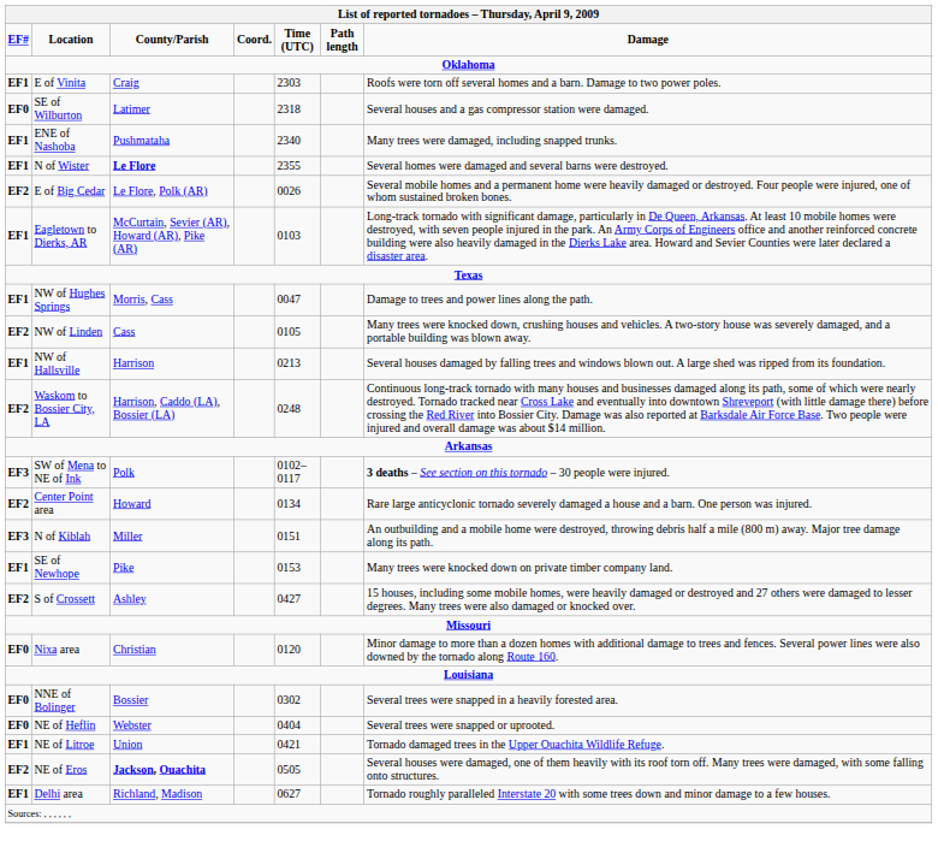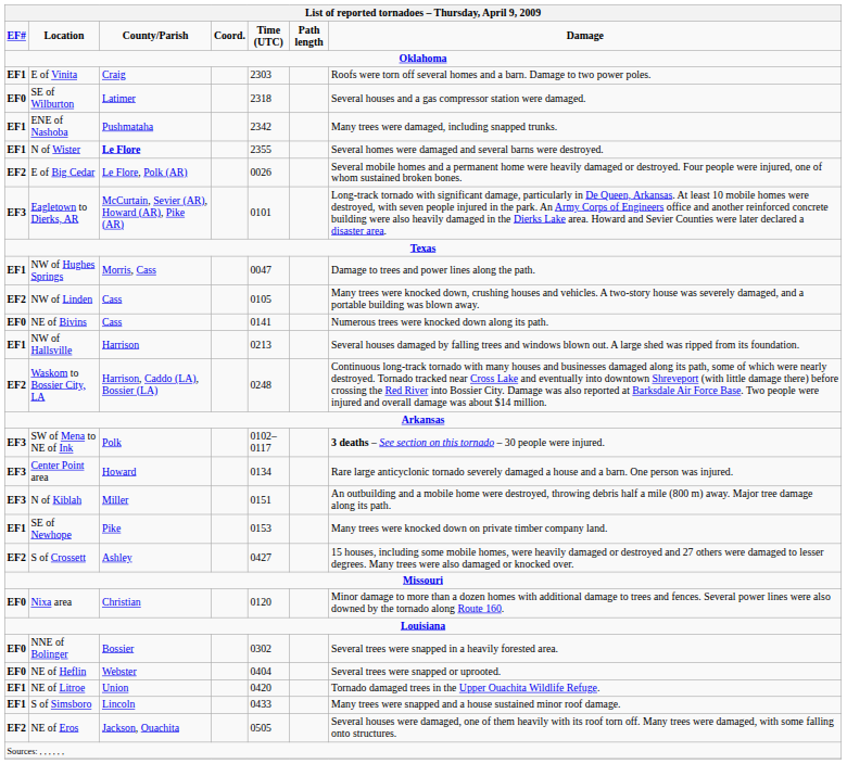 <table class="wikitable collapsible" width="100%">
 <tr>
 <th colspan="7">List of reported tornadoes – Thursday, April 9, 2009</th>
 </tr>
 <tr style="text-align:center;">
 <td><strong><a href='#'>EF#</a></strong></td>
 <td><strong>Location</strong></td>
 <td><strong>County/Parish</strong></td>
 <td><strong>Coord.</strong></td>
 <td><strong>Time (UTC)</strong></td>
 <td><strong>Path length</strong></td>
 <td><strong>Damage</strong></td>
 </tr>
 <tr>
 <td colspan="7" align=center><strong><a href='#'>Oklahoma</a></strong></td>
 </tr>
 <tr>
 <td><strong>EF1</strong></td>
 <td>E of <a href='#'>Vinita</a></td>
 <td><a href='#'>Craig</a></td>
 <td></td>
 <td>2303</td>
 <td></td>
 <td>Roofs were torn off several homes and a barn. Damage to two power poles.</td>
 </tr>
 <tr>
 <td><strong>EF0</strong></td>
 <td>SE of <a href='#'>Wilburton</a></td>
 <td><a href='#'>Latimer</a></td>
 <td></td>
 <td>2318</td>
 <td></td>
 <td>Several houses and a gas compressor station were damaged.</td>
 </tr>
 <tr>
 <td><strong>EF1</strong></td>
 <td>ENE of <a href='#'>Nashoba</a></td>
 <td><a href='#'>Pushmataha</a></td>
 <td></td>
-<td>2340</td>
+<td>2342</td>
 <td></td>
 <td>Many trees were damaged, including snapped trunks.</td>
 </tr>
 <tr>
 <td><strong>EF1</strong></td>
 <td>N of <a href='#'>Wister</a></td>
 <td><strong><a href='#'>Le Flore</a></strong></td>
 <td></td>
 <td>2355</td>
 <td></td>
 <td>Several homes were damaged and several barns were destroyed.</td>
 </tr>
 <tr>
 <td><strong>EF2</strong></td>
 <td>E of <a href='#'>Big Cedar</a></td>
 <td><a href='#'>Le Flore</a>, <a href='#'>Polk (AR)</a></td>
 <td></td>
 <td>0026</td>
 <td></td>
 <td>Several mobile homes and a permanent home were heavily damaged or destroyed. Four people were injured, one of whom sustained broken bones.</td>
 </tr>
 <tr>
-<td><strong>EF1</strong></td>
+<td><strong>EF3</strong></td>
 <td><a href='#'>Eagletown</a> to <a href='#'>Dierks, AR</a></td>
 <td><a href='#'>McCurtain</a>, <a href='#'>Sevier (AR)</a>, <a href='#'>Howard (AR)</a>, <a href='#'>Pike (AR)</a></td>
 <td></td>
-<td>0103</td>
+<td>0101</td>
 <td></td>
 <td>Long-track tornado with significant damage, particularly in <a href='#'>De Queen, Arkansas</a>. At least 10 mobile homes were destroyed, with seven people injured in the park. An <a href='#'>Army Corps of Engineers</a> office and another reinforced concrete building were also heavily damaged in the <a href='#'>Dierks Lake</a> area. Howard and Sevier Counties were later declared a <a href='#'>disaster area</a>.</td>
 </tr>
 <tr>
 <td colspan="7" align=center><strong><a href='#'>Texas</a></strong></td>
 </tr>
 <tr>
 <td><strong>EF1</strong></td>
 <td>NW of <a href='#'>Hughes Springs</a></td>
 <td><a href='#'>Morris</a>, <a href='#'>Cass</a></td>
 <td></td>
 <td>0047</td>
 <td></td>
 <td>Damage to trees and power lines along the path.</td>
 </tr>
 <tr>
 <td><strong>EF2</strong></td>
 <td>NW of <a href='#'>Linden</a></td>
 <td><a href='#'>Cass</a></td>
 <td></td>
 <td>0105</td>
 <td></td>
 <td>Many trees were knocked down, crushing houses and vehicles. A two-story house was severely damaged, and a portable building was blown away.</td>
+</tr>
+<tr>
+<td><strong>EF0</strong></td>
+<td>NE of <a href='#'>Bivins</a></td>
+<td><a href='#'>Cass</a></td>
+<td></td>
+<td>0141</td>
+<td></td>
+<td>Numerous trees were knocked down along its path.</td>
 </tr>
 <tr>
 <td><strong>EF1</strong></td>
 <td>NW of <a href='#'>Hallsville</a></td>
 <td><a href='#'>Harrison</a></td>
 <td></td>
 <td>0213</td>
 <td></td>
 <td>Several houses damaged by falling trees and windows blown out. A large shed was ripped from its foundation.</td>
 </tr>
 <tr>
 <td><strong>EF2</strong></td>
 <td><a href='#'>Waskom</a> to <a href='#'>Bossier City, LA</a></td>
 <td><a href='#'>Harrison</a>, <a href='#'>Caddo (LA)</a>, <a href='#'>Bossier (LA)</a></td>
 <td></td>
 <td>0248</td>
 <td></td>
 <td>Continuous long-track tornado with many houses and businesses damaged along its path, some of which were nearly destroyed. Tornado tracked near <a href='#'>Cross Lake</a> and eventually into downtown <a href='#'>Shreveport</a> (with little damage there) before crossing the <a href='#'>Red River</a> into Bossier City. Damage was also reported at <a href='#'>Barksdale Air Force Base</a>. Two people were injured and overall damage was about $14 million.</td>
 </tr>
 <tr>
 <td colspan="7" align=center><strong><a href='#'>Arkansas</a></strong></td>
 </tr>
 <tr>
 <td><strong>EF3</strong></td>
 <td>SW of <a href='#'>Mena</a> to NE of <a href='#'>Ink</a></td>
 <td><a href='#'>Polk</a></td>
 <td></td>
 <td>0102–0117</td>
 <td></td>
 <td><strong>3 deaths</strong> – <em><a href='#'>See section on this tornado</a></em> – 30 people were injured.</td>
 </tr>
 <tr>
-<td><strong>EF2</strong></td>
+<td><strong>EF3</strong></td>
 <td><a href='#'>Center Point</a> area</td>
 <td><a href='#'>Howard</a></td>
 <td></td>
 <td>0134</td>
 <td></td>
 <td>Rare large anticyclonic tornado severely damaged a house and a barn. One person was injured.</td>
 </tr>
 <tr>
 <td><strong>EF3</strong></td>
 <td>N of <a href='#'>Kiblah</a></td>
 <td><a href='#'>Miller</a></td>
 <td></td>
 <td>0151</td>
 <td></td>
 <td>An outbuilding and a mobile home were destroyed, throwing debris half a mile (800 m) away. Major tree damage along its path.</td>
 </tr>
 <tr>
 <td><strong>EF1</strong></td>
 <td>SE of <a href='#'>Newhope</a></td>
 <td><a href='#'>Pike</a></td>
 <td></td>
 <td>0153</td>
 <td></td>
 <td>Many trees were knocked down on private timber company land.</td>
 </tr>
 <tr>
 <td><strong>EF2</strong></td>
 <td>S of <a href='#'>Crossett</a></td>
 <td><a href='#'>Ashley</a></td>
 <td></td>
 <td>0427</td>
 <td></td>
 <td>15 houses, including some mobile homes, were heavily damaged or destroyed and 27 others were damaged to lesser degrees. Many trees were also damaged or knocked over.</td>
 </tr>
 <tr>
 <td colspan="7" align=center><strong><a href='#'>Missouri</a></strong></td>
 </tr>
 <tr>
 <td><strong>EF0</strong></td>
 <td><a href='#'>Nixa</a> area</td>
 <td><a href='#'>Christian</a></td>
 <td></td>
 <td>0120</td>
 <td></td>
 <td>Minor damage to more than a dozen homes with additional damage to trees and fences. Several power lines were also downed by the tornado along <a href='#'>Route 160</a>.</td>
 </tr>
 <tr>
 <td colspan="7" align=center><strong><a href='#'>Louisiana</a></strong></td>
 </tr>
 <tr>
 <td><strong>EF0</strong></td>
 <td>NNE of <a href='#'>Bolinger</a></td>
 <td><a href='#'>Bossier</a></td>
 <td></td>
 <td>0302</td>
 <td></td>
 <td>Several trees were snapped in a heavily forested area.</td>
 </tr>
 <tr>
 <td><strong>EF0</strong></td>
 <td>NE of <a href='#'>Heflin</a></td>
 <td><a href='#'>Webster</a></td>
 <td></td>
 <td>0404</td>
 <td></td>
 <td>Several trees were snapped or uprooted.</td>
 </tr>
 <tr>
 <td><strong>EF1</strong></td>
 <td>NE of <a href='#'>Litroe</a></td>
 <td><a href='#'>Union</a></td>
 <td></td>
-<td>0421</td>
+<td>0420</td>
 <td></td>
 <td>Tornado damaged trees in the <a href='#'>Upper Ouachita Wildlife Refuge</a>.</td>
 </tr>
 <tr>
+<td><strong>EF1</strong></td>
+<td>S of <a href='#'>Simsboro</a></td>
+<td><a href='#'>Lincoln</a></td>
+<td></td>
+<td>0433</td>
+<td></td>
+<td>Many trees were snapped and a house sustained minor roof damage.</td>
+</tr>
+<tr>
 <td><strong>EF2</strong></td>
 <td>NE of <a href='#'>Eros</a></td>
-<td><strong><a href='#'>Jackson</a>, <a href='#'>Ouachita</a></strong></td>
+<td><a href='#'>Jackson</a>, <a href='#'>Ouachita</a></td>
 <td></td>
 <td>0505</td>
 <td></td>
 <td>Several houses were damaged, one of them heavily with its roof torn off. Many trees were damaged, with some falling onto structures.</td>
-</tr>
-<tr>
-<td><strong>EF1</strong></td>
-<td><a href='#'>Delhi</a> area</td>
-<td><a href='#'>Richland</a>, <a href='#'>Madison</a></td>
-<td></td>
-<td>0627</td>
-<td></td>
-<td>Tornado roughly paralleled <a href='#'>Interstate 20</a> with some trees down and minor damage to a few houses.</td>
 </tr>
 <tr>
 <td colspan="7"><small>Sources: , , , , , , </small></td>
 </tr>
 <tr>
 </tr>
 </table>
